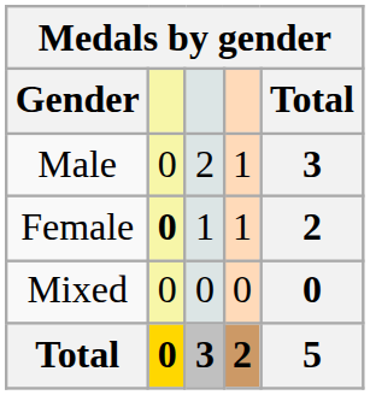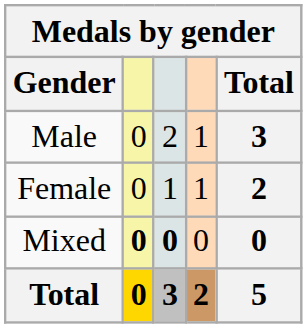 <table class="wikitable" style="font-size:85%">
 <tr style="background:#efefef;">
 <th colspan=6>Medals by gender</th>
 </tr>
 <tr align=center>
 <th>Gender</th>
 <td bgcolor=F7F6A8></td>
 <td bgcolor=DCE5E5></td>
 <td bgcolor=FFDAB9></td>
 <th>Total</th>
 </tr>
 <tr align=center>
 <td>Male</td>
 <td bgcolor=F7F6A8>0</td>
 <td bgcolor=DCE5E5>2</td>
 <td bgcolor=FFDAB9>1</td>
 <th>3</th>
 </tr>
 <tr align=center>
 <td>Female</td>
-<td bgcolor=F7F6A8><strong>0</strong></td>
+<td bgcolor=F7F6A8>0</td>
 <td bgcolor=DCE5E5>1</td>
 <td bgcolor=FFDAB9>1</td>
 <th>2</th>
 </tr>
 <tr align=center>
 <td>Mixed</td>
-<td bgcolor=F7F6A8>0</td>
-<td bgcolor=DCE5E5>0</td>
+<td bgcolor=F7F6A8><strong>0</strong></td>
+<td bgcolor=DCE5E5><strong>0</strong></td>
 <td bgcolor=FFDAB9>0</td>
 <th>0</th>
 </tr>
 <tr align=center>
 <th>Total</th>
 <th style=background:gold>0</th>
 <th style=background:silver>3</th>
 <th style=background:#c96>2</th>
 <th>5</th>
 </tr>
 </table>
